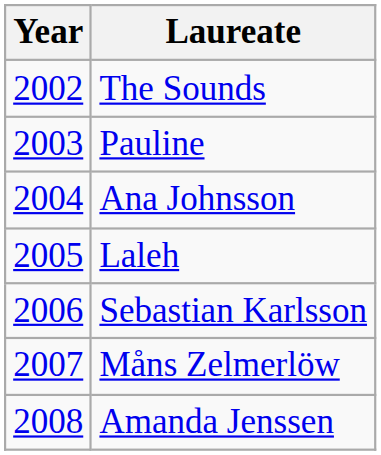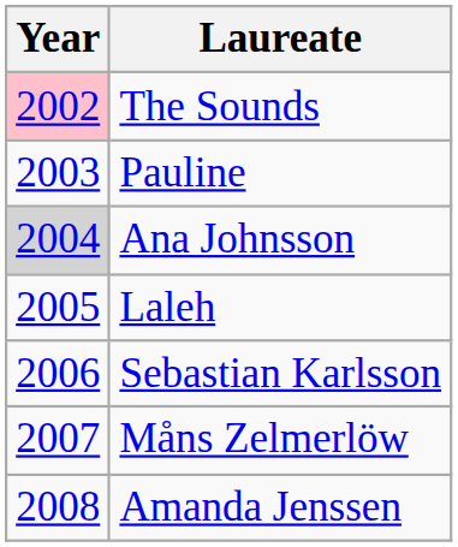 <table class="wikitable">
 <tr>
 <th>Year</th>
 <th>Laureate</th>
 </tr>
 <tr>
-<td><a href='#'>2002</a></td>
+<td style="background: pink;"><a href='#'>2002</a></td>
 <td><a href='#'>The Sounds</a></td>
 </tr>
 <tr>
 <td><a href='#'>2003</a></td>
 <td><a href='#'>Pauline</a></td>
 </tr>
 <tr>
-<td><a href='#'>2004</a></td>
+<td style="background: lightgrey;"><a href='#'>2004</a></td>
 <td><a href='#'>Ana Johnsson</a></td>
 </tr>
 <tr>
 <td><a href='#'>2005</a></td>
 <td><a href='#'>Laleh</a></td>
 </tr>
 <tr>
 <td><a href='#'>2006</a></td>
 <td><a href='#'>Sebastian Karlsson</a></td>
 </tr>
 <tr>
 <td><a href='#'>2007</a></td>
 <td><a href='#'>Måns Zelmerlöw</a></td>
 </tr>
 <tr>
 <td><a href='#'>2008</a></td>
 <td><a href='#'>Amanda Jenssen</a></td>
 </tr>
 </table>
